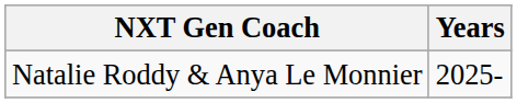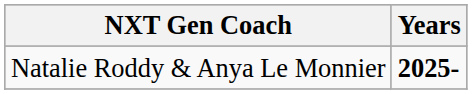 <table class="wikitable collapsible">
 <tr>
 <th>NXT Gen Coach</th>
 <th>Years</th>
 </tr>
 <tr>
 <td> Natalie Roddy & Anya Le Monnier</td>
-<td>2025-</td>
+<td><strong>2025-</strong></td>
 </tr>
 </table>
